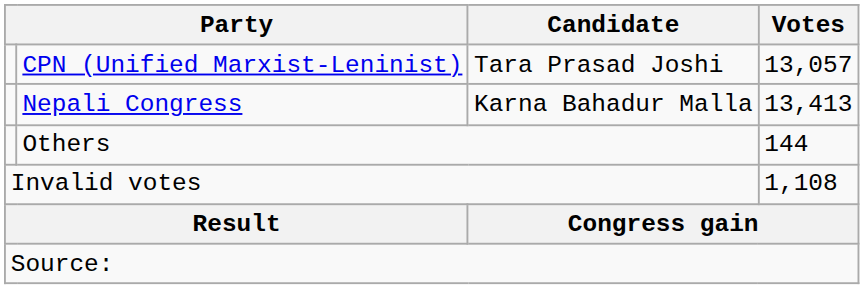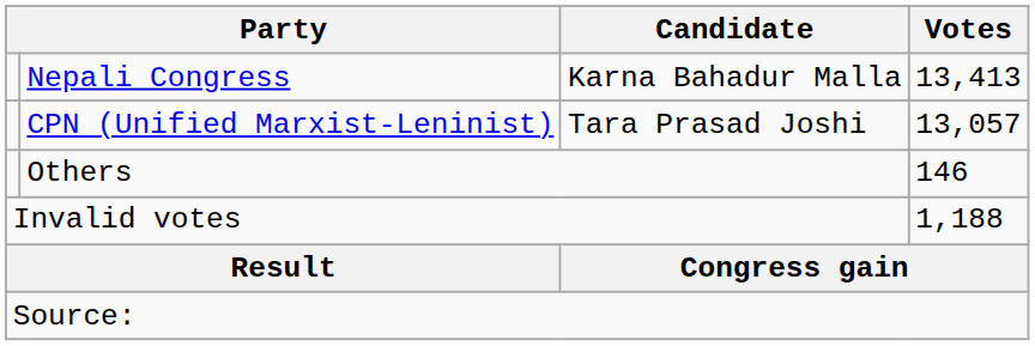 <table class="wikitable">
 <tr>
 <th colspan="2">Party</th>
 <th>Candidate</th>
 <th>Votes</th>
 </tr>
 <tr>
 <td style="background-color:"></td>
+<td><a href='#'>Nepali Congress</a></td>
+<td>Karna Bahadur Malla</td>
+<td>13,413</td>
+</tr>
+<tr>
+<td style="background-color:"></td>
 <td><a href='#'>CPN (Unified Marxist-Leninist)</a></td>
 <td>Tara Prasad Joshi</td>
 <td>13,057</td>
 </tr>
 <tr>
-<td style="background-color:"></td>
-<td><a href='#'>Nepali Congress</a></td>
-<td>Karna Bahadur Malla</td>
-<td>13,413</td>
-</tr>
-<tr>
 <td></td>
 <td colspan="2">Others</td>
-<td>144</td>
+<td>146</td>
 </tr>
 <tr>
 <td colspan="3">Invalid votes</td>
-<td>1,108</td>
+<td>1,188</td>
 </tr>
 <tr>
 <th colspan="2">Result</th>
 <th colspan="2">Congress gain</th>
 </tr>
 <tr>
 <td colspan="4">Source: </td>
 </tr>
 </table>
